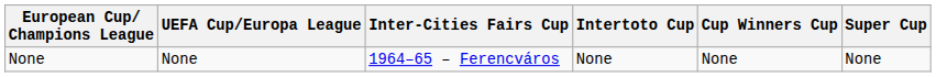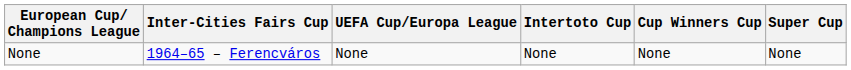 <table class="wikitable">
 <tr>
 <th>European Cup/<br>Champions League</th>
+<th>Inter-Cities Fairs Cup</th>
 <th>UEFA Cup/Europa League</th>
-<th>Inter-Cities Fairs Cup</th>
 <th>Intertoto Cup</th>
 <th>Cup Winners Cup</th>
 <th>Super Cup</th>
 </tr>
 <tr>
 <td>None</td>
+<td><a href='#'>1964–65</a> – <a href='#'>Ferencváros</a></td>
 <td>None</td>
-<td><a href='#'>1964–65</a> – <a href='#'>Ferencváros</a></td>
 <td>None</td>
 <td>None</td>
 <td>None</td>
 </tr>
 </table>
